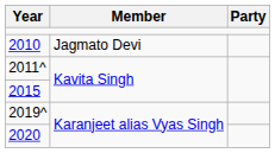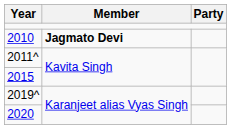 <table class="wikitable sortable">
 <tr>
 <th>Year</th>
 <th>Member</th>
 <th colspan="2">Party</th>
 </tr>
 <tr>
 <td colspan="4"></td>
 </tr>
 <tr>
 <td><a href='#'>2010</a></td>
-<td>Jagmato Devi</td>
+<td><strong>Jagmato Devi</strong></td>
 <td></td>
 </tr>
 <tr>
 <td>2011^</td>
 <td rowspan="2"><a href='#'>Kavita Singh</a></td>
 </tr>
 <tr>
 <td><a href='#'>2015</a></td>
 </tr>
 <tr>
 <td>2019^</td>
 <td rowspan="2"><a href='#'>Karanjeet alias Vyas Singh</a></td>
 <td></td>
 </tr>
 <tr>
 <td><a href='#'>2020</a></td>
 <td></td>
 </tr>
 </table>
